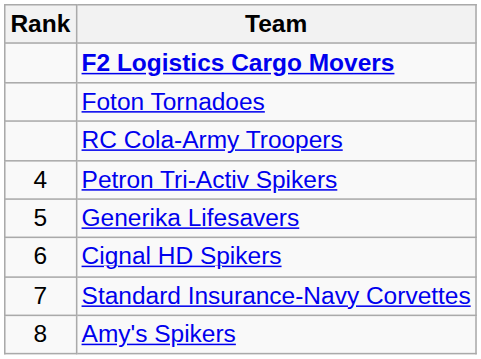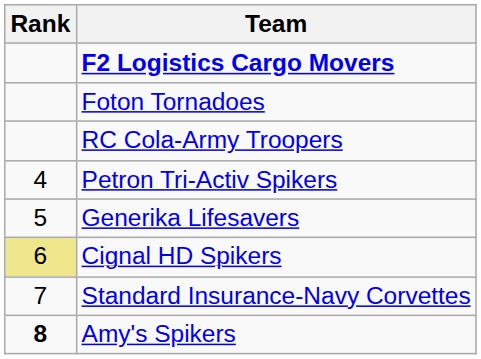 <table class="wikitable">
 <tr>
 <th>Rank</th>
 <th>Team</th>
 </tr>
 <tr>
 <td style="text-align:center;"></td>
 <td><strong><a href='#'>F2 Logistics Cargo Movers</a></strong></td>
 </tr>
 <tr>
 <td style="text-align:center;"></td>
 <td><a href='#'>Foton Tornadoes</a></td>
 </tr>
 <tr>
 <td style="text-align:center;"></td>
 <td><a href='#'>RC Cola-Army Troopers</a></td>
 </tr>
 <tr>
 <td style="text-align:center;">4</td>
 <td><a href='#'>Petron Tri-Activ Spikers</a></td>
 </tr>
 <tr>
 <td style="text-align:center;">5</td>
 <td><a href='#'>Generika Lifesavers</a></td>
 </tr>
 <tr>
-<td style="text-align:center;">6</td>
+<td style="background: khaki; text-align:center;">6</td>
 <td><a href='#'>Cignal HD Spikers</a></td>
 </tr>
 <tr>
 <td style="text-align:center;">7</td>
 <td><a href='#'>Standard Insurance-Navy Corvettes</a></td>
 </tr>
 <tr>
-<td style="text-align:center;">8</td>
+<td style="text-align:center;"><strong>8</strong></td>
 <td><a href='#'>Amy's Spikers</a></td>
 </tr>
 </table>
